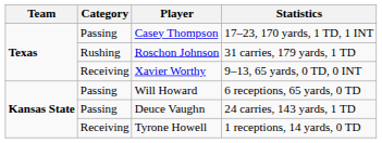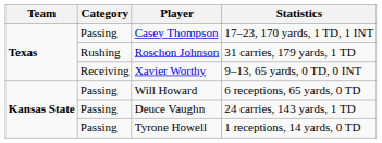 <table class="wikitable" style="float: right;">
 <tr>
 <th>Team</th>
 <th>Category</th>
 <th>Player</th>
 <th>Statistics</th>
 </tr>
 <tr>
 <td rowspan=3><strong>Texas</strong></td>
 <td>Passing</td>
 <td><a href='#'>Casey Thompson</a></td>
 <td>17–23, 170 yards, 1 TD, 1 INT</td>
 </tr>
 <tr>
 <td>Rushing</td>
 <td><a href='#'>Roschon Johnson</a></td>
 <td>31 carries, 179 yards, 1 TD</td>
 </tr>
 <tr>
 <td>Receiving</td>
 <td><a href='#'>Xavier Worthy</a></td>
 <td>9–13, 65 yards, 0 TD, 0 INT</td>
 </tr>
 <tr>
 <td rowspan=3><strong>Kansas State</strong></td>
 <td>Passing</td>
 <td>Will Howard</td>
 <td>6 receptions, 65 yards, 0 TD</td>
 </tr>
 <tr>
 <td>Passing</td>
 <td>Deuce Vaughn</td>
 <td>24 carries, 143 yards, 1 TD</td>
 </tr>
 <tr>
-<td>Receiving</td>
+<td>Passing</td>
 <td>Tyrone Howell</td>
 <td>1 receptions, 14 yards, 0 TD</td>
 </tr>
 </table>
